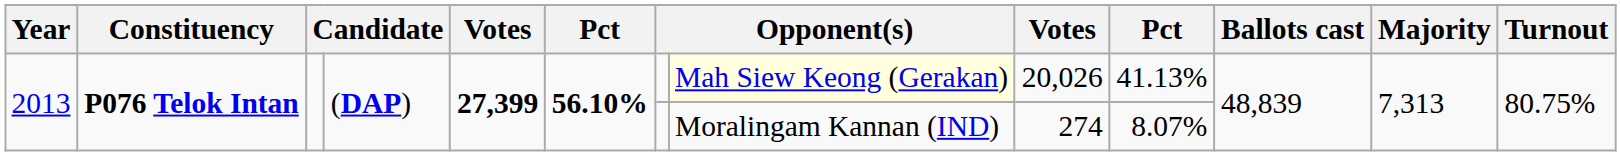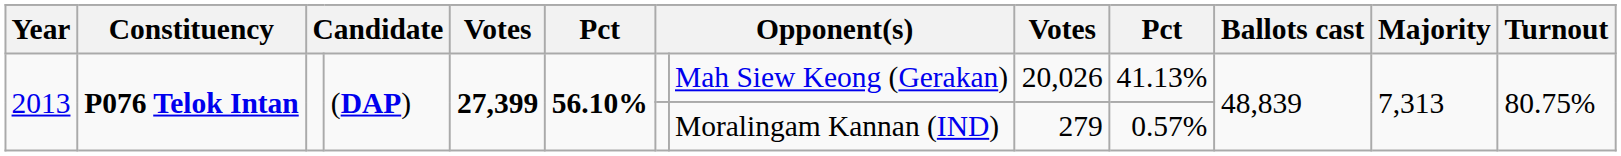 <table class="wikitable" style="margin:0.5em ; font-size:95%">
 <tr>
 <th>Year</th>
 <th>Constituency</th>
 <th colspan=2>Candidate</th>
 <th>Votes</th>
 <th>Pct</th>
 <th colspan=2>Opponent(s)</th>
 <th>Votes</th>
 <th>Pct</th>
 <th>Ballots cast</th>
 <th>Majority</th>
 <th>Turnout</th>
 </tr>
 <tr>
 <td rowspan="2"><a href='#'>2013</a></td>
 <td rowspan="2"><strong>P076 <a href='#'>Telok Intan</a></strong></td>
 <td rowspan="2" ></td>
 <td rowspan="2"> (<a href='#'><strong>DAP</strong></a>)</td>
 <td rowspan="2" style="text-align:right;"><strong>27,399</strong></td>
 <td rowspan="2"><strong>56.10%</strong></td>
 <td></td>
-<td style="background: lightyellow;"><a href='#'>Mah Siew Keong</a> (<a href='#'>Gerakan</a>)</td>
+<td><a href='#'>Mah Siew Keong</a> (<a href='#'>Gerakan</a>)</td>
 <td style="text-align:right;">20,026</td>
 <td>41.13%</td>
 <td rowspan="2">48,839</td>
 <td rowspan="2">7,313</td>
 <td rowspan="2">80.75%</td>
 </tr>
 <tr>
 <td></td>
 <td>Moralingam Kannan (<a href='#'>IND</a>)</td>
-<td style="text-align:right;">274</td>
-<td style="text-align:right;">8.07%</td>
+<td style="text-align:right;">279</td>
+<td style="text-align:right;">0.57%</td>
 </tr>
 </table>
